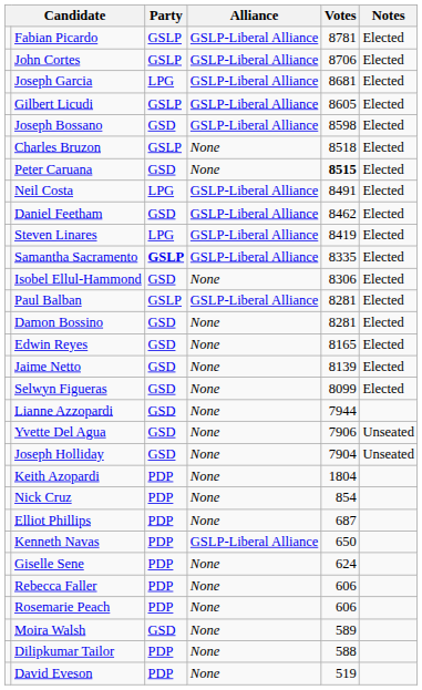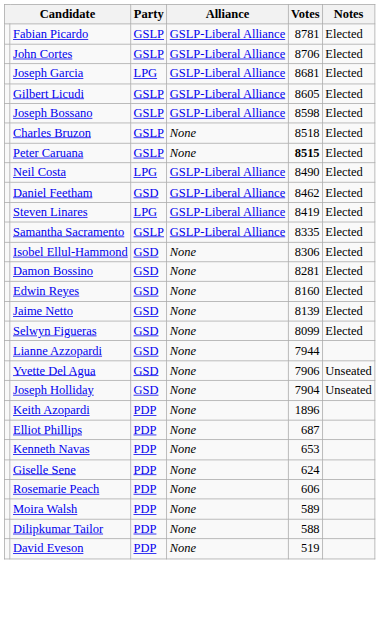 <table class=wikitable>
 <tr>
 <th colspan=2>Candidate</th>
 <th>Party</th>
 <th>Alliance</th>
 <th>Votes</th>
 <th>Notes</th>
 </tr>
 <tr>
 <td style="background-color: "></td>
 <td><a href='#'>Fabian Picardo</a></td>
 <td><a href='#'>GSLP</a></td>
 <td><a href='#'>GSLP-Liberal Alliance</a></td>
 <td align=right>8781</td>
 <td>Elected</td>
 </tr>
 <tr>
 <td style="background-color: "></td>
 <td><a href='#'>John Cortes</a></td>
 <td><a href='#'>GSLP</a></td>
 <td><a href='#'>GSLP-Liberal Alliance</a></td>
 <td align=right>8706</td>
 <td>Elected</td>
 </tr>
 <tr>
 <td style="background-color: "></td>
 <td><a href='#'>Joseph Garcia</a></td>
 <td><a href='#'>LPG</a></td>
 <td><a href='#'>GSLP-Liberal Alliance</a></td>
 <td align=right>8681</td>
 <td>Elected</td>
 </tr>
 <tr>
 <td style="background-color: "></td>
 <td><a href='#'>Gilbert Licudi</a></td>
 <td><a href='#'>GSLP</a></td>
 <td><a href='#'>GSLP-Liberal Alliance</a></td>
 <td align=right>8605</td>
 <td>Elected</td>
 </tr>
 <tr>
 <td style="background-color: "></td>
 <td><a href='#'>Joseph Bossano</a></td>
-<td><a href='#'>GSD</a></td>
+<td><a href='#'>GSLP</a></td>
 <td><a href='#'>GSLP-Liberal Alliance</a></td>
 <td align=right>8598</td>
 <td>Elected</td>
 </tr>
 <tr>
 <td style="background-color: "></td>
 <td><a href='#'>Charles Bruzon</a></td>
 <td><a href='#'>GSLP</a></td>
 <td><em>None</em></td>
 <td align=right>8518</td>
 <td>Elected</td>
 </tr>
 <tr>
 <td style="background-color: "></td>
 <td><a href='#'>Peter Caruana</a></td>
-<td><a href='#'>GSD</a></td>
+<td><a href='#'>GSLP</a></td>
 <td><em>None</em></td>
 <td align=right><strong>8515</strong></td>
 <td>Elected</td>
 </tr>
 <tr>
 <td style="background-color: "></td>
 <td><a href='#'>Neil Costa</a></td>
 <td><a href='#'>LPG</a></td>
 <td><a href='#'>GSLP-Liberal Alliance</a></td>
-<td align=right>8491</td>
+<td align=right>8490</td>
 <td>Elected</td>
 </tr>
 <tr>
 <td style="background-color: "></td>
 <td><a href='#'>Daniel Feetham</a></td>
 <td><a href='#'>GSD</a></td>
 <td><a href='#'>GSLP-Liberal Alliance</a></td>
 <td align=right>8462</td>
 <td>Elected</td>
 </tr>
 <tr>
 <td style="background-color: "></td>
 <td><a href='#'>Steven Linares</a></td>
 <td><a href='#'>LPG</a></td>
 <td><a href='#'>GSLP-Liberal Alliance</a></td>
 <td align=right>8419</td>
 <td>Elected</td>
 </tr>
 <tr>
 <td style="background-color: "></td>
 <td><a href='#'>Samantha Sacramento</a></td>
-<td><strong><a href='#'>GSLP</a></strong></td>
+<td><a href='#'>GSLP</a></td>
 <td><a href='#'>GSLP-Liberal Alliance</a></td>
 <td align=right>8335</td>
 <td>Elected</td>
 </tr>
 <tr>
 <td style="background-color: "></td>
 <td><a href='#'>Isobel Ellul-Hammond</a></td>
 <td><a href='#'>GSD</a></td>
 <td><em>None</em></td>
 <td align=right>8306</td>
-<td>Elected</td>
-</tr>
-<tr>
-<td style="background-color: "></td>
-<td><a href='#'>Paul Balban</a></td>
-<td><a href='#'>GSLP</a></td>
-<td><a href='#'>GSLP-Liberal Alliance</a></td>
-<td align=right>8281</td>
 <td>Elected</td>
 </tr>
 <tr>
 <td style="background-color: "></td>
 <td><a href='#'>Damon Bossino</a></td>
 <td><a href='#'>GSD</a></td>
 <td><em>None</em></td>
 <td align=right>8281</td>
 <td>Elected</td>
 </tr>
 <tr>
 <td style="background-color: "></td>
 <td><a href='#'>Edwin Reyes</a></td>
 <td><a href='#'>GSD</a></td>
 <td><em>None</em></td>
-<td align=right>8165</td>
+<td align=right>8160</td>
 <td>Elected</td>
 </tr>
 <tr>
 <td style="background-color: "></td>
 <td><a href='#'>Jaime Netto</a></td>
 <td><a href='#'>GSD</a></td>
 <td><em>None</em></td>
 <td align=right>8139</td>
 <td>Elected</td>
 </tr>
 <tr>
 <td style="background-color: "></td>
 <td><a href='#'>Selwyn Figueras</a></td>
 <td><a href='#'>GSD</a></td>
 <td><em>None</em></td>
 <td align=right>8099</td>
 <td>Elected</td>
 </tr>
 <tr>
 <td style="background-color: "></td>
 <td><a href='#'>Lianne Azzopardi</a></td>
 <td><a href='#'>GSD</a></td>
 <td><em>None</em></td>
 <td align=right>7944</td>
 <td></td>
 </tr>
 <tr>
 <td style="background-color: "></td>
 <td><a href='#'>Yvette Del Agua</a></td>
 <td><a href='#'>GSD</a></td>
 <td><em>None</em></td>
 <td align=right>7906</td>
 <td>Unseated</td>
 </tr>
 <tr>
 <td style="background-color: "></td>
 <td><a href='#'>Joseph Holliday</a></td>
 <td><a href='#'>GSD</a></td>
 <td><em>None</em></td>
 <td align=right>7904</td>
 <td>Unseated</td>
 </tr>
 <tr>
 <td bgcolor=></td>
 <td><a href='#'>Keith Azopardi</a></td>
 <td><a href='#'>PDP</a></td>
 <td><em>None</em></td>
-<td align=right>1804</td>
-<td></td>
-</tr>
-<tr>
-<td bgcolor=></td>
-<td><a href='#'>Nick Cruz</a></td>
-<td><a href='#'>PDP</a></td>
-<td><em>None</em></td>
-<td align=right>854</td>
+<td align=right>1896</td>
 <td></td>
 </tr>
 <tr>
 <td bgcolor=></td>
 <td><a href='#'>Elliot Phillips</a></td>
 <td><a href='#'>PDP</a></td>
 <td><em>None</em></td>
 <td align=right>687</td>
 <td></td>
 </tr>
 <tr>
 <td bgcolor=></td>
 <td><a href='#'>Kenneth Navas</a></td>
 <td><a href='#'>PDP</a></td>
-<td><a href='#'>GSLP-Liberal Alliance</a></td>
-<td align=right>650</td>
+<td><em>None</em></td>
+<td align=right>653</td>
 <td></td>
 </tr>
 <tr>
 <td bgcolor=></td>
 <td><a href='#'>Giselle Sene</a></td>
 <td><a href='#'>PDP</a></td>
 <td><em>None</em></td>
 <td align=right>624</td>
-<td></td>
-</tr>
-<tr>
-<td bgcolor=></td>
-<td><a href='#'>Rebecca Faller</a></td>
-<td><a href='#'>PDP</a></td>
-<td><em>None</em></td>
-<td align=right>606</td>
 <td></td>
 </tr>
 <tr>
 <td bgcolor=></td>
 <td><a href='#'>Rosemarie Peach</a></td>
 <td><a href='#'>PDP</a></td>
 <td><em>None</em></td>
 <td align=right>606</td>
 <td></td>
 </tr>
 <tr>
 <td bgcolor=></td>
 <td><a href='#'>Moira Walsh</a></td>
-<td><a href='#'>GSD</a></td>
+<td><a href='#'>PDP</a></td>
 <td><em>None</em></td>
 <td align=right>589</td>
 <td></td>
 </tr>
 <tr>
 <td bgcolor=></td>
 <td><a href='#'>Dilipkumar Tailor</a></td>
 <td><a href='#'>PDP</a></td>
 <td><em>None</em></td>
 <td align=right>588</td>
 <td></td>
 </tr>
 <tr>
 <td bgcolor=></td>
 <td><a href='#'>David Eveson</a></td>
 <td><a href='#'>PDP</a></td>
 <td><em>None</em></td>
 <td align=right>519</td>
 <td></td>
 </tr>
 </table>
